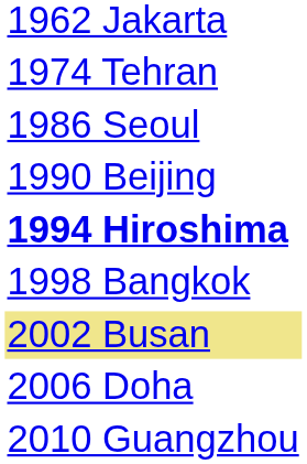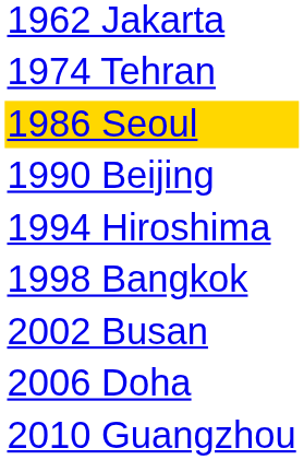 <table>
 <tr>
 <td><a href='#'>1962 Jakarta</a></td>
 <td></td>
 <td></td>
 <td></td>
 </tr>
 <tr>
 <td><a href='#'>1974 Tehran</a></td>
 <td></td>
 <td></td>
 <td></td>
 </tr>
 <tr>
-<td><a href='#'>1986 Seoul</a></td>
+<td style="background: gold;"><a href='#'>1986 Seoul</a></td>
 <td></td>
 <td></td>
 <td></td>
 </tr>
 <tr>
 <td><a href='#'>1990 Beijing</a></td>
 <td></td>
 <td></td>
 <td></td>
 </tr>
 <tr>
-<td><strong><a href='#'>1994 Hiroshima</a></strong></td>
+<td><a href='#'>1994 Hiroshima</a></td>
 <td></td>
 <td></td>
 <td></td>
 </tr>
 <tr>
 <td><a href='#'>1998 Bangkok</a></td>
 <td></td>
 <td></td>
 <td></td>
 </tr>
 <tr>
-<td style="background: khaki;"><a href='#'>2002 Busan</a></td>
+<td><a href='#'>2002 Busan</a></td>
 <td></td>
 <td></td>
 <td></td>
 </tr>
 <tr>
 <td rowspan=2><a href='#'>2006 Doha</a></td>
 <td rowspan=2></td>
 <td rowspan=2></td>
 <td></td>
 </tr>
 <tr>
 <td></td>
 </tr>
 <tr>
 <td rowspan=2><a href='#'>2010 Guangzhou</a></td>
 <td rowspan=2></td>
 <td rowspan=2></td>
 <td></td>
 </tr>
 <tr>
 <td></td>
 </tr>
 </table>
